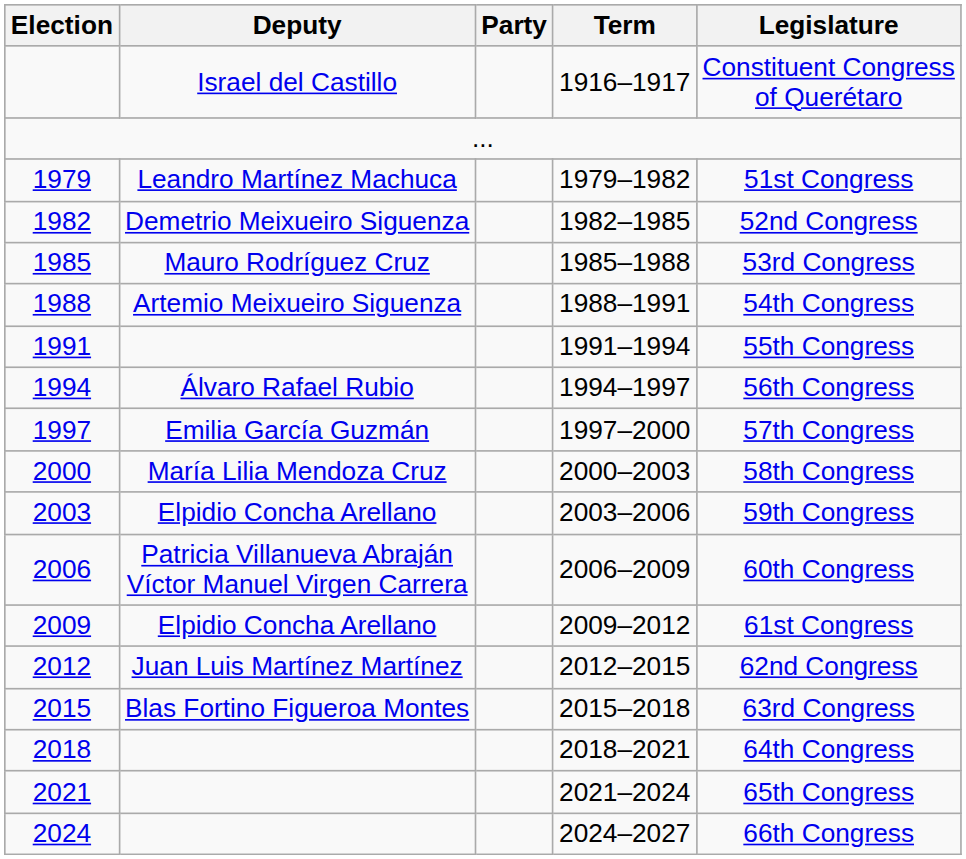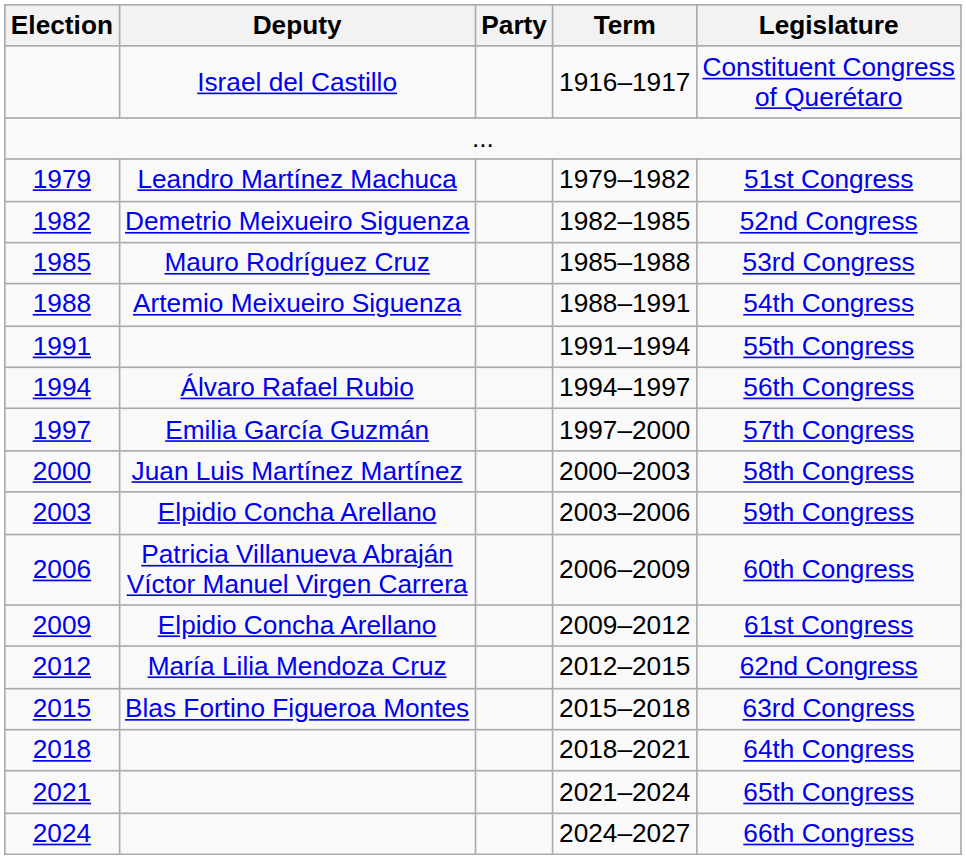 <table class="wikitable" style="text-align: center">
 <tr>
 <th>Election</th>
 <th>Deputy</th>
 <th>Party</th>
 <th>Term</th>
 <th>Legislature</th>
 </tr>
 <tr>
 <td></td>
 <td><a href='#'>Israel del Castillo</a></td>
 <td></td>
 <td>1916–1917</td>
 <td><a href='#'>Constituent Congress<br>of Querétaro</a></td>
 </tr>
 <tr>
 <td colspan=6>...</td>
 </tr>
 <tr>
 <td><a href='#'>1979</a></td>
 <td><a href='#'>Leandro Martínez Machuca</a></td>
 <td></td>
 <td>1979–1982</td>
 <td><a href='#'>51st Congress</a></td>
 </tr>
 <tr>
 <td><a href='#'>1982</a></td>
 <td><a href='#'>Demetrio Meixueiro Siguenza</a></td>
 <td></td>
 <td>1982–1985</td>
 <td><a href='#'>52nd Congress</a></td>
 </tr>
 <tr>
 <td><a href='#'>1985</a></td>
 <td><a href='#'>Mauro Rodríguez Cruz</a></td>
 <td></td>
 <td>1985–1988</td>
 <td><a href='#'>53rd Congress</a></td>
 </tr>
 <tr>
 <td><a href='#'>1988</a></td>
 <td><a href='#'>Artemio Meixueiro Siguenza</a></td>
 <td></td>
 <td>1988–1991</td>
 <td><a href='#'>54th Congress</a></td>
 </tr>
 <tr>
 <td><a href='#'>1991</a></td>
 <td></td>
 <td></td>
 <td>1991–1994</td>
 <td><a href='#'>55th Congress</a></td>
 </tr>
 <tr>
 <td><a href='#'>1994</a></td>
 <td><a href='#'>Álvaro Rafael Rubio</a></td>
 <td></td>
 <td>1994–1997</td>
 <td><a href='#'>56th Congress</a></td>
 </tr>
 <tr>
 <td><a href='#'>1997</a></td>
 <td><a href='#'>Emilia García Guzmán</a></td>
 <td></td>
 <td>1997–2000</td>
 <td><a href='#'>57th Congress</a></td>
 </tr>
 <tr>
 <td><a href='#'>2000</a></td>
-<td><a href='#'>María Lilia Mendoza Cruz</a></td>
+<td><a href='#'>Juan Luis Martínez Martínez</a></td>
 <td></td>
 <td>2000–2003</td>
 <td><a href='#'>58th Congress</a></td>
 </tr>
 <tr>
 <td><a href='#'>2003</a></td>
 <td><a href='#'>Elpidio Concha Arellano</a></td>
 <td></td>
 <td>2003–2006</td>
 <td><a href='#'>59th Congress</a></td>
 </tr>
 <tr>
 <td><a href='#'>2006</a></td>
 <td><a href='#'>Patricia Villanueva Abraján</a><br><a href='#'>Víctor Manuel Virgen Carrera</a></td>
 <td></td>
 <td>2006–2009</td>
 <td><a href='#'>60th Congress</a></td>
 </tr>
 <tr>
 <td><a href='#'>2009</a></td>
 <td><a href='#'>Elpidio Concha Arellano</a></td>
 <td></td>
 <td>2009–2012</td>
 <td><a href='#'>61st Congress</a></td>
 </tr>
 <tr>
 <td><a href='#'>2012</a></td>
-<td><a href='#'>Juan Luis Martínez Martínez</a></td>
+<td><a href='#'>María Lilia Mendoza Cruz</a></td>
 <td> </td>
 <td>2012–2015</td>
 <td><a href='#'>62nd Congress</a></td>
 </tr>
 <tr>
 <td><a href='#'>2015</a></td>
 <td><a href='#'>Blas Fortino Figueroa Montes</a></td>
 <td></td>
 <td>2015–2018</td>
 <td><a href='#'>63rd Congress</a></td>
 </tr>
 <tr>
 <td><a href='#'>2018</a></td>
 <td></td>
 <td></td>
 <td>2018–2021</td>
 <td><a href='#'>64th Congress</a></td>
 </tr>
 <tr>
 <td><a href='#'>2021</a></td>
 <td></td>
 <td></td>
 <td>2021–2024</td>
 <td><a href='#'>65th Congress</a></td>
 </tr>
 <tr>
 <td><a href='#'>2024</a></td>
 <td></td>
 <td></td>
 <td>2024–2027</td>
 <td><a href='#'>66th Congress</a></td>
 </tr>
 </table>
